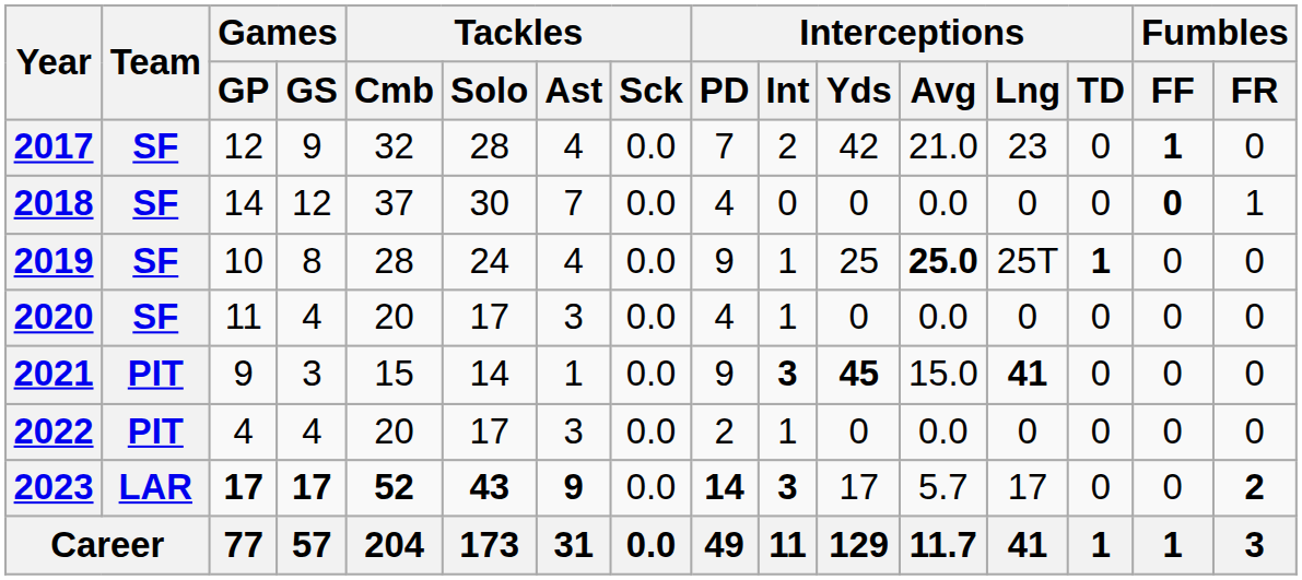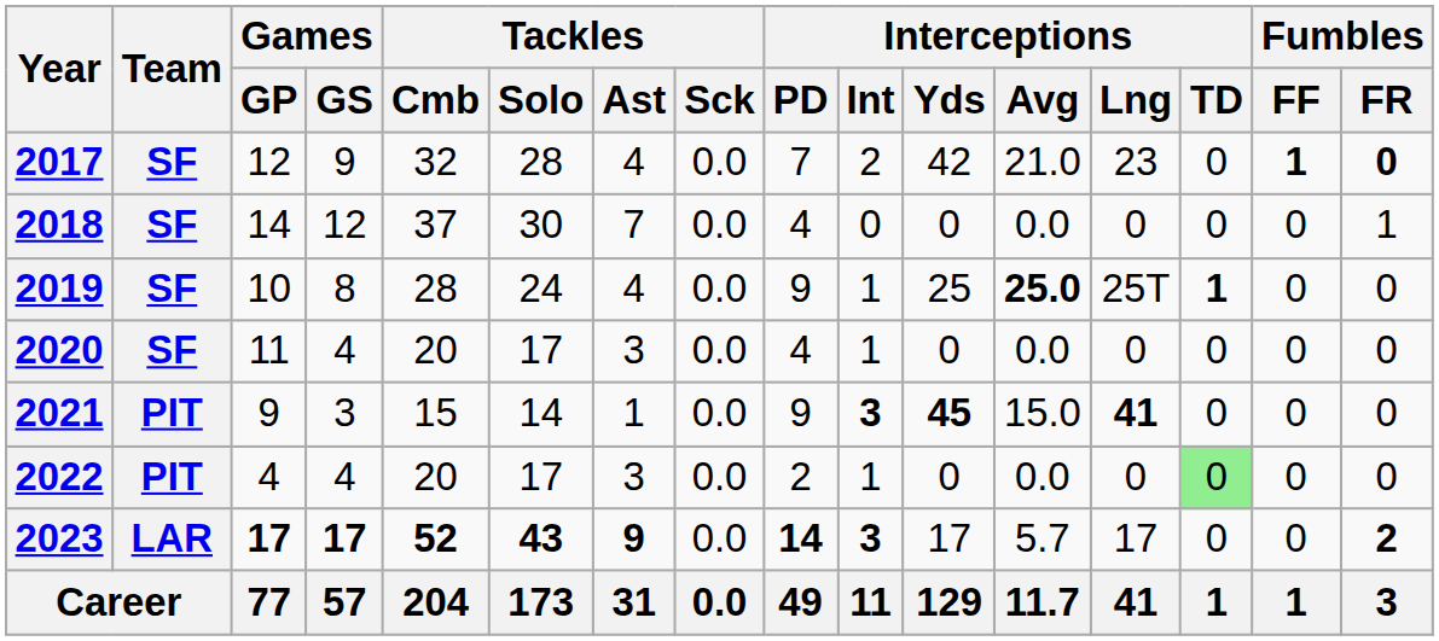 <table class="wikitable" style="text-align: center;">
 <tr>
 <th rowspan="2">Year</th>
 <th rowspan="2">Team</th>
 <th colspan="2">Games</th>
 <th colspan="4">Tackles</th>
 <th colspan="6">Interceptions</th>
 <th colspan="2">Fumbles</th>
 </tr>
 <tr>
 <th>GP</th>
 <th>GS</th>
 <th>Cmb</th>
 <th>Solo</th>
 <th>Ast</th>
 <th>Sck</th>
 <th>PD</th>
 <th>Int</th>
 <th>Yds</th>
 <th>Avg</th>
 <th>Lng</th>
 <th>TD</th>
 <th>FF</th>
 <th>FR</th>
 </tr>
 <tr>
 <th><a href='#'>2017</a></th>
 <th><a href='#'>SF</a></th>
 <td>12</td>
 <td>9</td>
 <td>32</td>
 <td>28</td>
 <td>4</td>
 <td>0.0</td>
 <td>7</td>
 <td>2</td>
 <td>42</td>
 <td>21.0</td>
 <td>23</td>
 <td>0</td>
 <td><strong>1</strong></td>
-<td>0</td>
+<td><strong>0</strong></td>
 </tr>
 <tr>
 <th><a href='#'>2018</a></th>
 <th><a href='#'>SF</a></th>
 <td>14</td>
 <td>12</td>
 <td>37</td>
 <td>30</td>
 <td>7</td>
 <td>0.0</td>
 <td>4</td>
 <td>0</td>
 <td>0</td>
 <td>0.0</td>
 <td>0</td>
 <td>0</td>
-<td><strong>0</strong></td>
+<td>0</td>
 <td>1</td>
 </tr>
 <tr>
 <th><a href='#'>2019</a></th>
 <th><a href='#'>SF</a></th>
 <td>10</td>
 <td>8</td>
 <td>28</td>
 <td>24</td>
 <td>4</td>
 <td>0.0</td>
 <td>9</td>
 <td>1</td>
 <td>25</td>
 <td><strong>25.0</strong></td>
 <td>25T</td>
 <td><strong>1</strong></td>
 <td>0</td>
 <td>0</td>
 </tr>
 <tr>
 <th><a href='#'>2020</a></th>
 <th><a href='#'>SF</a></th>
 <td>11</td>
 <td>4</td>
 <td>20</td>
 <td>17</td>
 <td>3</td>
 <td>0.0</td>
 <td>4</td>
 <td>1</td>
 <td>0</td>
 <td>0.0</td>
 <td>0</td>
 <td>0</td>
 <td>0</td>
 <td>0</td>
 </tr>
 <tr>
 <th><a href='#'>2021</a></th>
 <th><a href='#'>PIT</a></th>
 <td>9</td>
 <td>3</td>
 <td>15</td>
 <td>14</td>
 <td>1</td>
 <td>0.0</td>
 <td>9</td>
 <td><strong>3</strong></td>
 <td><strong>45</strong></td>
 <td>15.0</td>
 <td><strong>41</strong></td>
 <td>0</td>
 <td>0</td>
 <td>0</td>
 </tr>
 <tr>
 <th><a href='#'>2022</a></th>
 <th><a href='#'>PIT</a></th>
 <td>4</td>
 <td>4</td>
 <td>20</td>
 <td>17</td>
 <td>3</td>
 <td>0.0</td>
 <td>2</td>
 <td>1</td>
 <td>0</td>
 <td>0.0</td>
 <td>0</td>
-<td>0</td>
+<td style="background: lightgreen;">0</td>
 <td>0</td>
 <td>0</td>
 </tr>
 <tr>
 <th><a href='#'>2023</a></th>
 <th><a href='#'>LAR</a></th>
 <td><strong>17</strong></td>
 <td><strong>17</strong></td>
 <td><strong>52</strong></td>
 <td><strong>43</strong></td>
 <td><strong>9</strong></td>
 <td>0.0</td>
 <td><strong>14</strong></td>
 <td><strong>3</strong></td>
 <td>17</td>
 <td>5.7</td>
 <td>17</td>
 <td>0</td>
 <td>0</td>
 <td><strong>2</strong></td>
 </tr>
 <tr>
 <th colspan="2">Career</th>
 <th>77</th>
 <th>57</th>
 <th>204</th>
 <th>173</th>
 <th>31</th>
 <th>0.0</th>
 <th>49</th>
 <th>11</th>
 <th>129</th>
 <th>11.7</th>
 <th>41</th>
 <th>1</th>
 <th>1</th>
 <th>3</th>
 </tr>
 </table>
